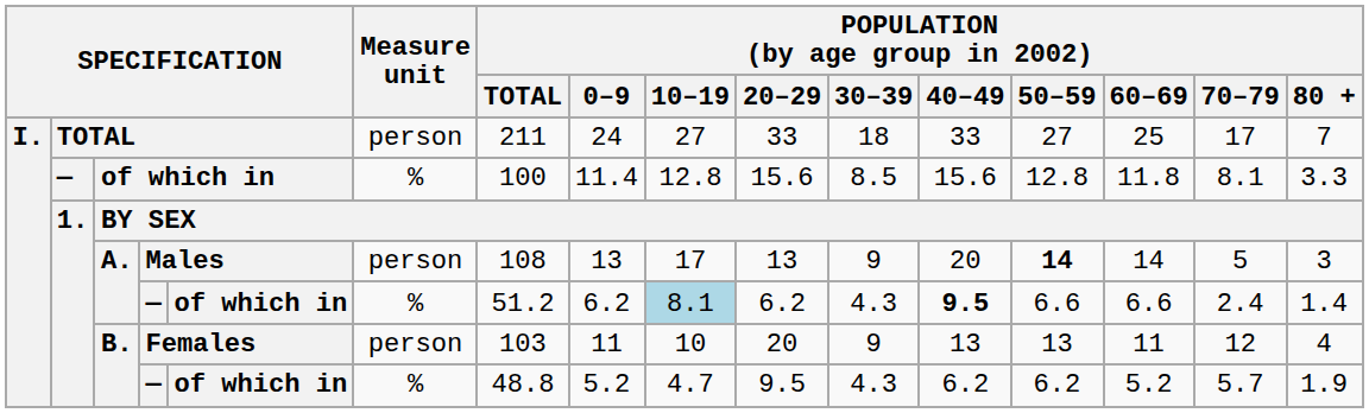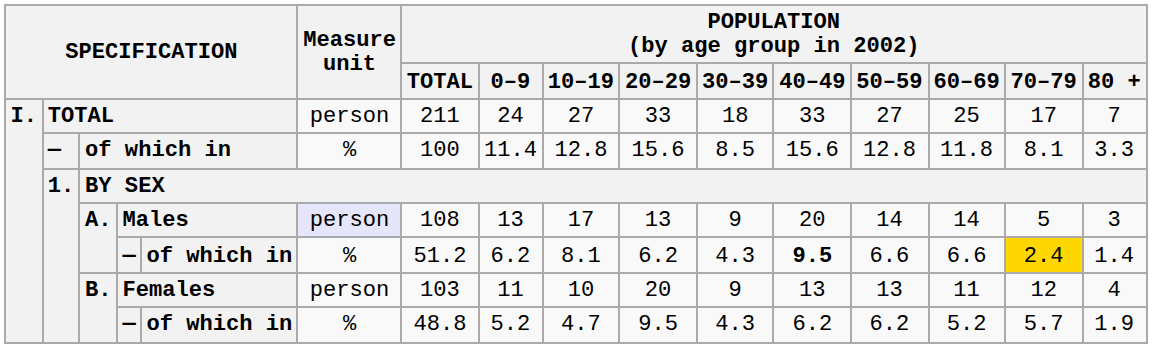 <table class="wikitable" style="font-size:85%; text-align:center">
 <tr>
 <th rowspan="2" colspan="5">SPECIFICATION</th>
 <th rowspan="2">Measure<br> unit</th>
 <th colspan="10" rowspan="1">POPULATION<br> (by age group in 2002)</th>
 </tr>
 <tr>
 <th>TOTAL</th>
 <th>0–9</th>
 <th>10–19</th>
 <th>20–29</th>
 <th>30–39</th>
 <th>40–49</th>
 <th>50–59</th>
 <th>60–69</th>
 <th>70–79</th>
 <th>80 +</th>
 </tr>
 <tr>
 <th style="text-align:left" valign="top" rowspan="7">I.</th>
 <th style="text-align:left" colspan="4">TOTAL</th>
 <td>person</td>
 <td>211</td>
 <td>24</td>
 <td>27</td>
 <td>33</td>
 <td>18</td>
 <td>33</td>
 <td>27</td>
 <td>25</td>
 <td>17</td>
 <td>7</td>
 </tr>
 <tr>
 <th style="text-align:left" valign="top">—</th>
 <th style="text-align:left" colspan="3">of which in</th>
 <td>%</td>
 <td>100</td>
 <td>11.4</td>
 <td>12.8</td>
 <td>15.6</td>
 <td>8.5</td>
 <td>15.6</td>
 <td>12.8</td>
 <td>11.8</td>
 <td>8.1</td>
 <td>3.3</td>
 </tr>
 <tr>
 <th style="text-align:left" valign="top" rowspan="5">1.</th>
 <th style="text-align:left" colspan="14">BY SEX</th>
 </tr>
 <tr>
 <th style="text-align:left" valign="top" rowspan="2">A.</th>
 <th style="text-align:left" colspan="2">Males</th>
-<td>person</td>
+<td style="background: lavender;">person</td>
 <td>108</td>
 <td>13</td>
 <td>17</td>
 <td>13</td>
 <td>9</td>
 <td>20</td>
-<td><strong>14</strong></td>
+<td>14</td>
 <td>14</td>
 <td>5</td>
 <td>3</td>
 </tr>
 <tr>
 <th style="text-align:left" valign="top">—</th>
 <th style="text-align:left" colspan="1">of which in</th>
 <td>%</td>
 <td>51.2</td>
 <td>6.2</td>
-<td style="background: lightblue;">8.1</td>
+<td>8.1</td>
 <td>6.2</td>
 <td>4.3</td>
 <td><strong>9.5</strong></td>
 <td>6.6</td>
 <td>6.6</td>
-<td>2.4</td>
+<td style="background: gold;">2.4</td>
 <td>1.4</td>
 </tr>
 <tr>
 <th style="text-align:left" valign="top" rowspan="2">B.</th>
 <th style="text-align:left" colspan="2">Females</th>
 <td>person</td>
 <td>103</td>
 <td>11</td>
 <td>10</td>
 <td>20</td>
 <td>9</td>
 <td>13</td>
 <td>13</td>
 <td>11</td>
 <td>12</td>
 <td>4</td>
 </tr>
 <tr>
 <th style="text-align:left" valign="top">—</th>
 <th style="text-align:left" colspan="1">of which in</th>
 <td>%</td>
 <td>48.8</td>
 <td>5.2</td>
 <td>4.7</td>
 <td>9.5</td>
 <td>4.3</td>
 <td>6.2</td>
 <td>6.2</td>
 <td>5.2</td>
 <td>5.7</td>
 <td>1.9</td>
 </tr>
 </table>
